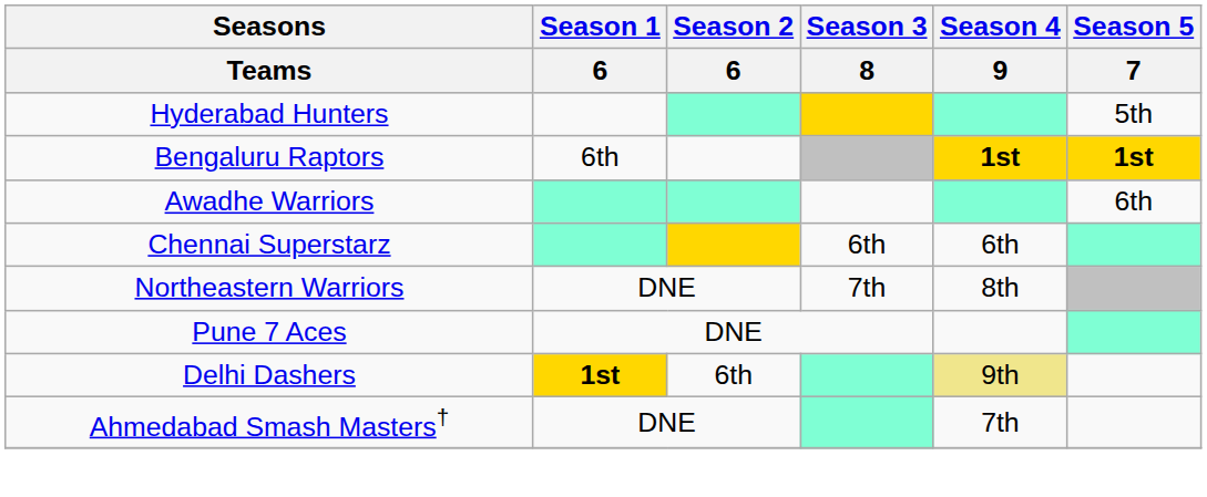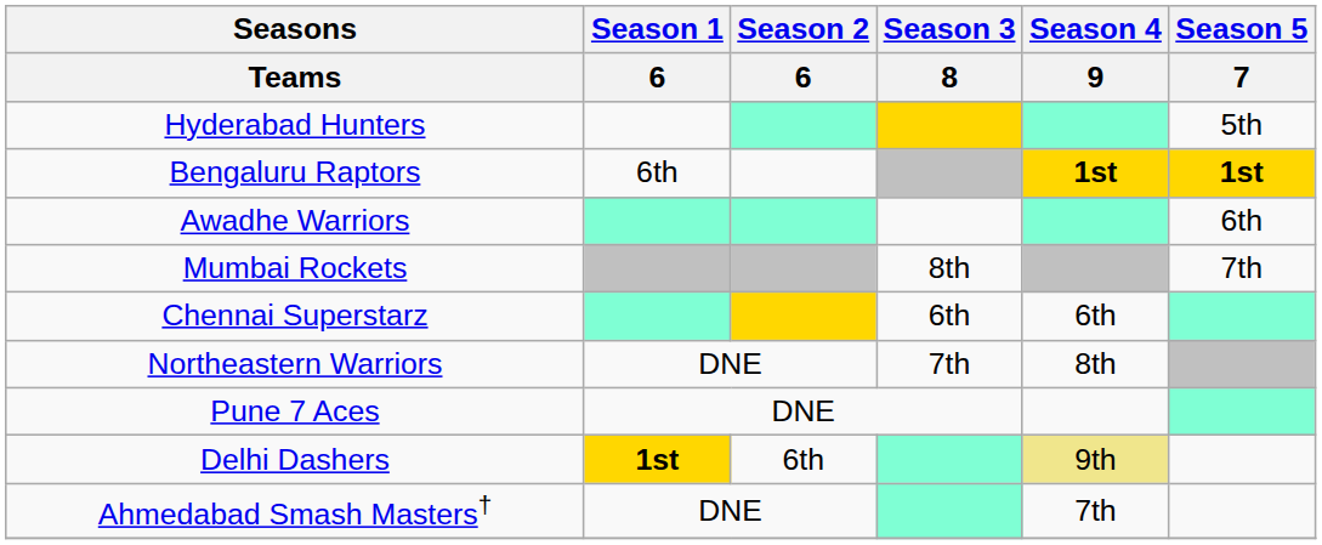 <table class="wikitable sortable" style="text-align: center;">
 <tr>
 <th style="width:300px;">Seasons</th>
 <th><a href='#'>Season 1</a></th>
 <th><a href='#'>Season 2</a></th>
 <th><a href='#'>Season 3</a></th>
 <th><a href='#'>Season 4</a></th>
 <th><a href='#'>Season 5</a></th>
 </tr>
 <tr>
 <th>Teams</th>
 <th>6</th>
 <th>6</th>
 <th>8</th>
 <th>9</th>
 <th>7</th>
 </tr>
 <tr>
 <td><a href='#'>Hyderabad Hunters</a></td>
 <td></td>
 <td style="background-color: #7FFFD4"></td>
 <th style="background-color: gold"></th>
 <td style="background-color: #7FFFD4"></td>
 <td>5th</td>
 </tr>
 <tr>
 <td><a href='#'>Bengaluru Raptors</a></td>
 <td>6th</td>
 <td></td>
 <td style="background: silver"></td>
 <td style="background: gold"><strong>1st</strong></td>
 <td style="background: gold"><strong>1st</strong></td>
 </tr>
 <tr>
 <td><a href='#'>Awadhe Warriors</a></td>
 <td style="background-color: #7FFFD4"></td>
 <td style="background-color: #7FFFD4"></td>
 <td></td>
 <td style="background-color: #7FFFD4"></td>
 <td>6th</td>
 </tr>
 <tr>
+<td><a href='#'>Mumbai Rockets</a></td>
+<td style="background-color: silver"></td>
+<td style="background: silver"></td>
+<td>8th</td>
+<td style="background-color: silver"></td>
+<td>7th</td>
+</tr>
+<tr>
 <td><a href='#'>Chennai Superstarz</a></td>
 <td style="background-color: #7FFFD4"></td>
 <th style="background-color: gold"></th>
 <td>6th</td>
 <td>6th</td>
 <td style="background-color: #7FFFD4"></td>
 </tr>
 <tr>
 <td><a href='#'>Northeastern Warriors</a></td>
 <td colspan="2">DNE</td>
 <td>7th</td>
 <td>8th</td>
 <td style="background-color: silver"></td>
 </tr>
 <tr>
 <td><a href='#'>Pune 7 Aces</a></td>
 <td colspan="3">DNE</td>
 <td></td>
 <td style="background-color: #7FFFD4"></td>
 </tr>
 <tr>
 <td><a href='#'>Delhi Dashers</a></td>
 <td style="background-color: gold"><strong>1st</strong></td>
 <td>6th</td>
 <td style="background-color: #7FFFD4"></td>
 <td style="background: khaki;">9th</td>
 <td></td>
 </tr>
 <tr>
 <td><a href='#'>Ahmedabad Smash Masters</a><sup>†</sup></td>
 <td colspan="2">DNE</td>
 <td style="background-color: #7FFFD4"></td>
 <td>7th</td>
 <td></td>
 </tr>
 <tr>
 </tr>
 </table>
